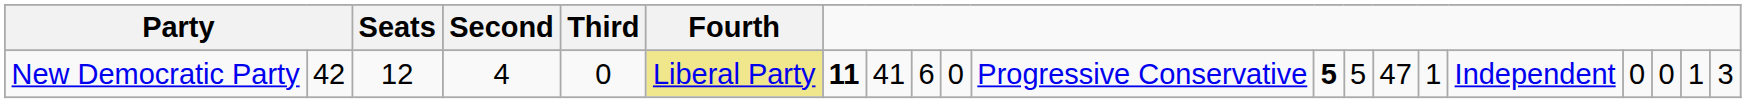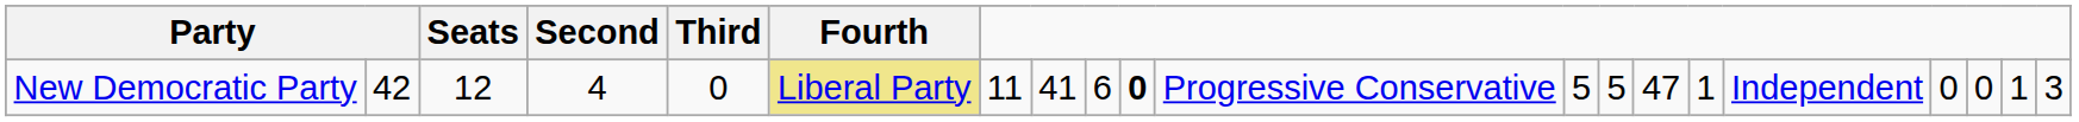 <table class="wikitable">
 <tr>
 <th colspan=2>Party</th>
 <th>Seats</th>
 <th>Second</th>
 <th>Third</th>
 <th>Fourth</th>
 </tr>
 <tr>
 <td><a href='#'>New Democratic Party</a></td>
 <td align=center>42</td>
 <td align=center>12</td>
 <td align=center>4</td>
 <td align=center>0<br></td>
 <td style="background: khaki;"><a href='#'>Liberal Party</a></td>
-<td align=center><strong>11</strong></td>
+<td align=center>11</td>
 <td align=center>41</td>
 <td align=center>6</td>
-<td align=center>0<br></td>
+<td align=center><strong>0<br></strong></td>
 <td><a href='#'>Progressive Conservative</a></td>
-<td align=center><strong>5</strong></td>
+<td align=center>5</td>
 <td align=center>5</td>
 <td align=center>47</td>
 <td align=center>1<br></td>
 <td><a href='#'>Independent</a></td>
 <td align=center>0</td>
 <td align=center>0</td>
 <td align=center>1</td>
 <td align=center>3</td>
 </tr>
 </table>
